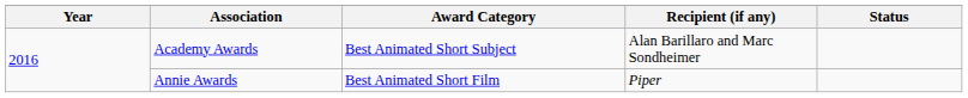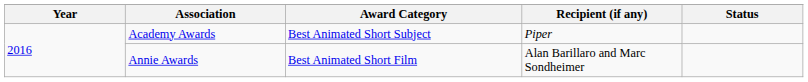 <table class="wikitable sortable">
 <tr>
 </tr>
 <tr>
 <th width="150"><strong>Year</strong></th>
 <th width="200"><strong>Association</strong></th>
 <th width="300"><strong>Award Category</strong></th>
 <th width="200"><strong>Recipient (if any)</strong></th>
 <th width="150"><strong>Status</strong></th>
 </tr>
 <tr>
 <td rowspan=2><a href='#'>2016</a></td>
 <td><a href='#'>Academy Awards</a></td>
 <td><a href='#'>Best Animated Short Subject</a></td>
-<td>Alan Barillaro and Marc Sondheimer</td>
+<td><em>Piper</em></td>
 <td></td>
 </tr>
 <tr>
 <td><a href='#'>Annie Awards</a></td>
 <td><a href='#'>Best Animated Short Film</a></td>
-<td><em>Piper</em></td>
+<td>Alan Barillaro and Marc Sondheimer</td>
 <td></td>
 </tr>
 </table>
